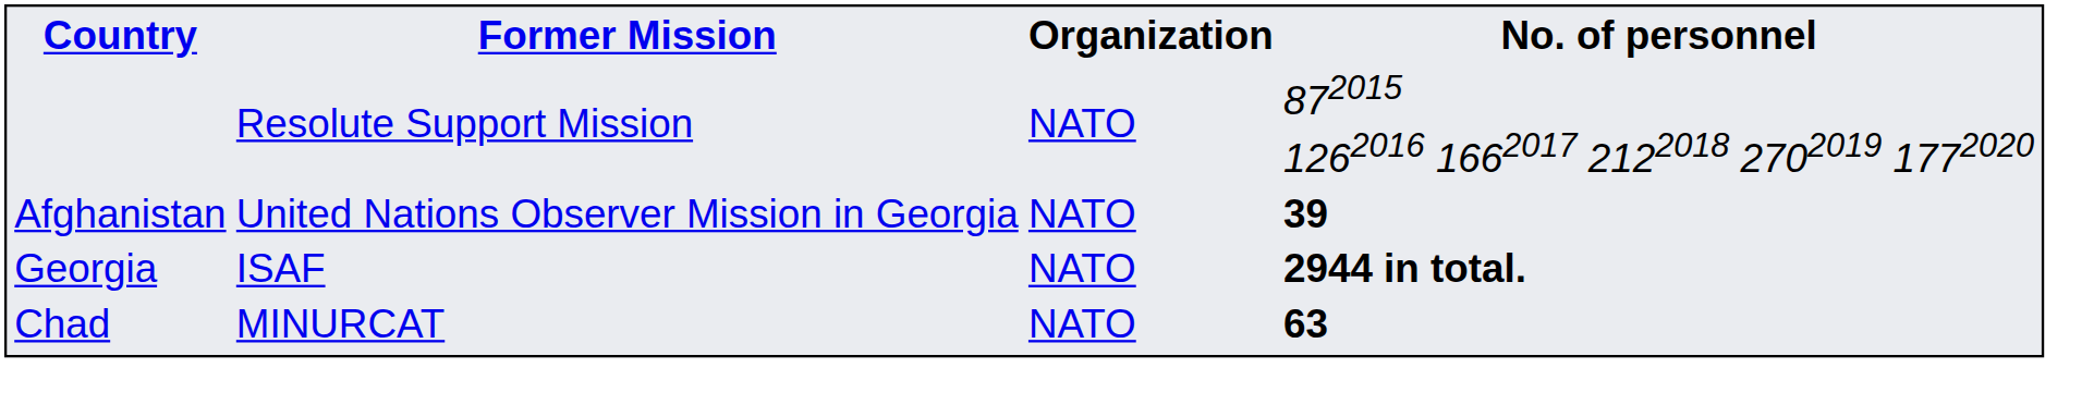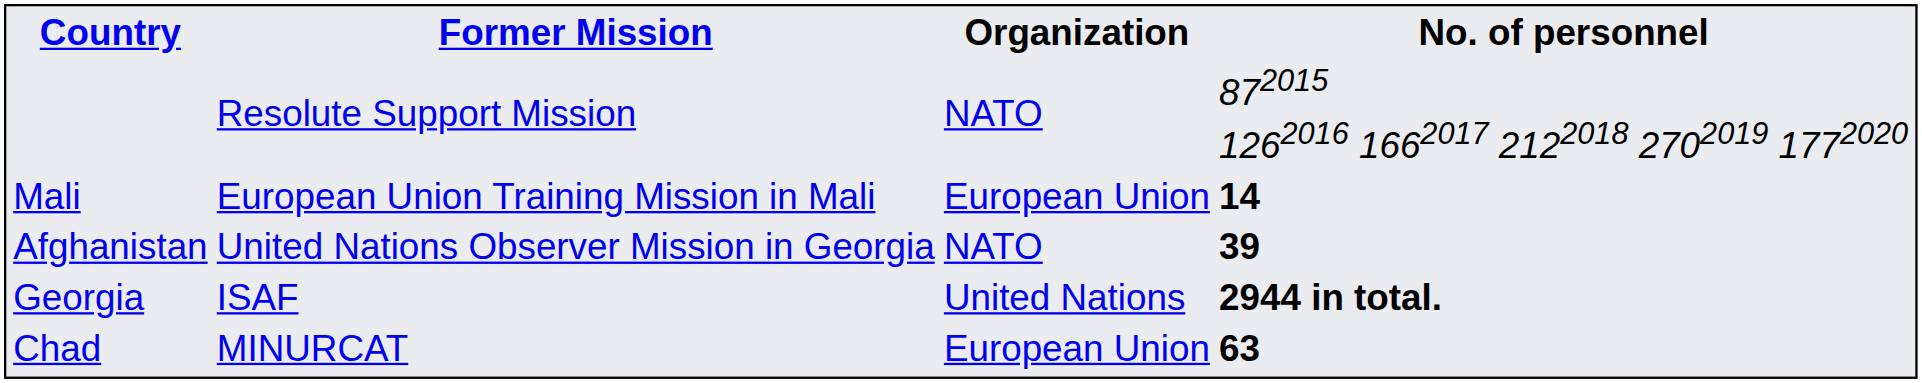 <table style="border:1px solid black; background:#EAECF0; font-size:100%;">
 <tr>
 <th><a href='#'>Country</a></th>
 <th><a href='#'>Former Mission</a></th>
 <th>Organization</th>
 <th>No. of personnel</th>
 </tr>
 <tr>
 <td></td>
 <td><a href='#'>Resolute Support Mission</a></td>
 <td><a href='#'>NATO</a></td>
 <td><em>87<sup>2015</sup></em><br><em>126<sup>2016</sup></em> <em>166<sup>2017</sup></em> <em>212<sup>2018</sup></em> <em>270<sup>2019</sup></em> <em>177<sup>2020</sup></em></td>
 </tr>
 <tr>
+<td> <a href='#'>Mali</a></td>
+<td><a href='#'>European Union Training Mission in Mali</a></td>
+<td><a href='#'>European Union</a></td>
+<td><strong>14</strong></td>
+</tr>
+<tr>
 <td> <a href='#'>Afghanistan</a></td>
 <td><a href='#'>United Nations Observer Mission in Georgia</a></td>
 <td><a href='#'>NATO</a></td>
 <td><strong>39</strong></td>
 </tr>
 <tr>
 <td> <a href='#'>Georgia</a></td>
 <td><a href='#'>ISAF</a></td>
-<td><a href='#'>NATO</a></td>
+<td><a href='#'>United Nations</a></td>
 <td><strong>2944 in total.</strong></td>
 </tr>
 <tr>
 <td> <a href='#'>Chad</a></td>
 <td><a href='#'>MINURCAT</a></td>
-<td><a href='#'>NATO</a></td>
+<td><a href='#'>European Union</a></td>
 <td><strong>63</strong></td>
 </tr>
 </table>
